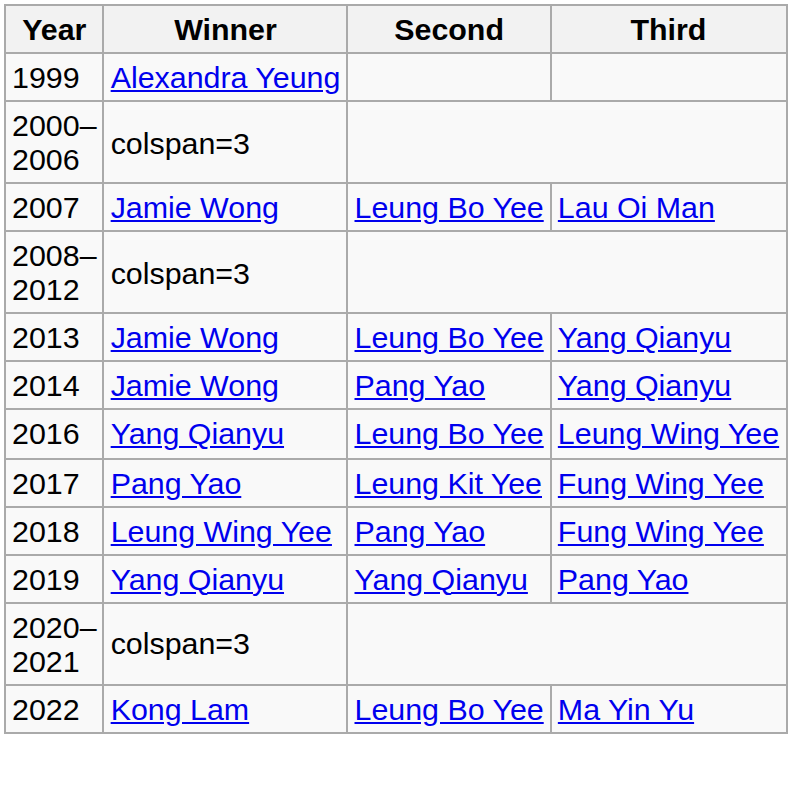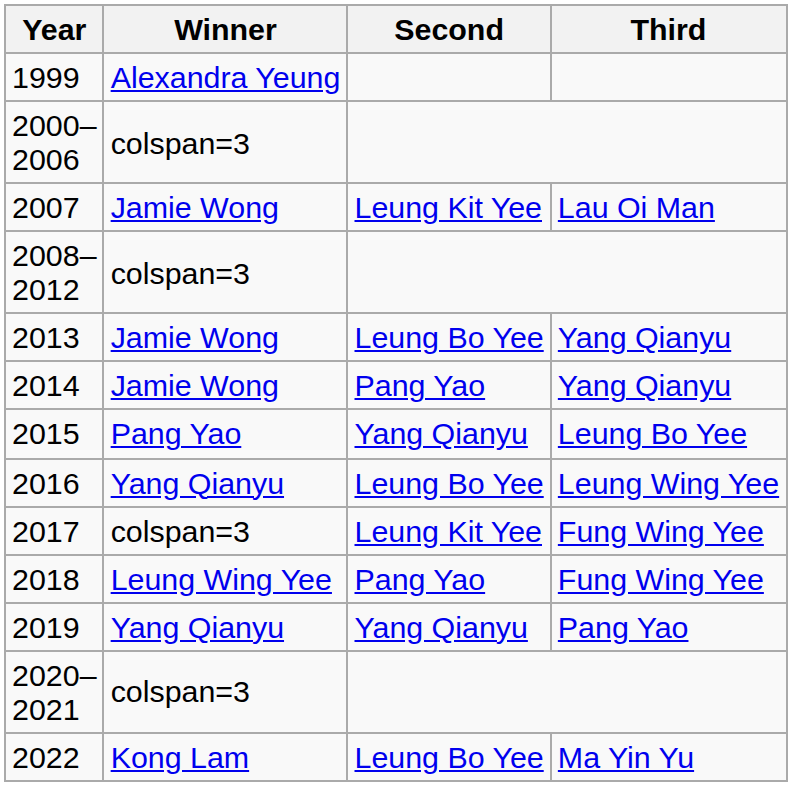 <table class="wikitable" style="font-size:95%">
 <tr>
 <th>Year</th>
 <th>Winner</th>
 <th>Second</th>
 <th>Third</th>
 </tr>
 <tr>
 <td>1999</td>
 <td><a href='#'>Alexandra Yeung</a></td>
 <td></td>
 <td></td>
 </tr>
 <tr>
 <td>2000–<br>2006</td>
 <td>colspan=3 </td>
 </tr>
 <tr>
 <td>2007</td>
 <td><a href='#'>Jamie Wong</a></td>
-<td><a href='#'>Leung Bo Yee</a></td>
+<td><a href='#'>Leung Kit Yee</a></td>
 <td><a href='#'>Lau Oi Man</a></td>
 </tr>
 <tr>
 <td>2008–<br>2012</td>
 <td>colspan=3 </td>
 </tr>
 <tr>
 <td>2013</td>
 <td><a href='#'>Jamie Wong</a></td>
 <td><a href='#'>Leung Bo Yee</a></td>
 <td><a href='#'>Yang Qianyu</a></td>
 </tr>
 <tr>
 <td>2014</td>
 <td><a href='#'>Jamie Wong</a></td>
 <td><a href='#'>Pang Yao</a></td>
 <td><a href='#'>Yang Qianyu</a></td>
 </tr>
 <tr>
+<td>2015</td>
+<td><a href='#'>Pang Yao</a></td>
+<td><a href='#'>Yang Qianyu</a></td>
+<td><a href='#'>Leung Bo Yee</a></td>
+</tr>
+<tr>
 <td>2016</td>
 <td><a href='#'>Yang Qianyu</a></td>
 <td><a href='#'>Leung Bo Yee</a></td>
 <td><a href='#'>Leung Wing Yee</a></td>
 </tr>
 <tr>
 <td>2017</td>
-<td><a href='#'>Pang Yao</a></td>
+<td>colspan=3 </td>
 <td><a href='#'>Leung Kit Yee</a></td>
 <td><a href='#'>Fung Wing Yee</a></td>
 </tr>
 <tr>
 <td>2018</td>
 <td><a href='#'>Leung Wing Yee</a></td>
 <td><a href='#'>Pang Yao</a></td>
 <td><a href='#'>Fung Wing Yee</a></td>
 </tr>
 <tr>
 <td>2019</td>
 <td><a href='#'>Yang Qianyu</a></td>
 <td><a href='#'>Yang Qianyu</a></td>
 <td><a href='#'>Pang Yao</a></td>
 </tr>
 <tr>
 <td>2020–<br>2021</td>
 <td>colspan=3 </td>
 </tr>
 <tr>
 <td>2022</td>
 <td><a href='#'>Kong Lam</a></td>
 <td><a href='#'>Leung Bo Yee</a></td>
 <td><a href='#'>Ma Yin Yu</a></td>
 </tr>
 </table>
